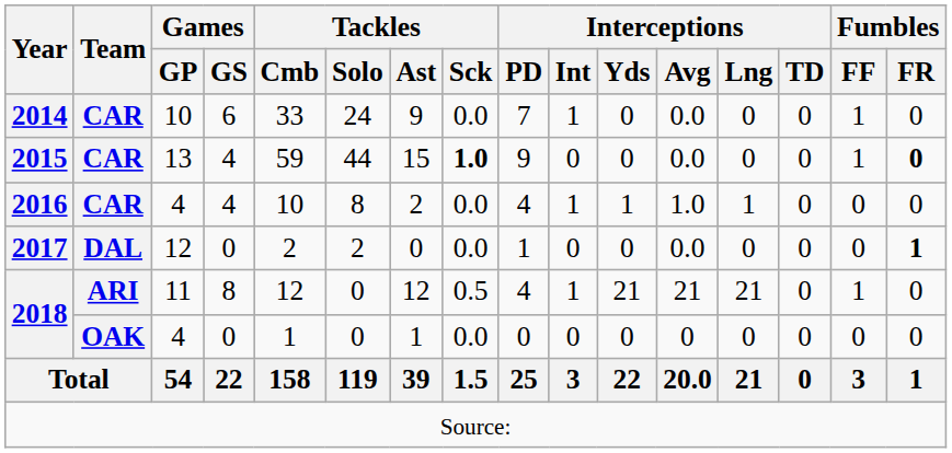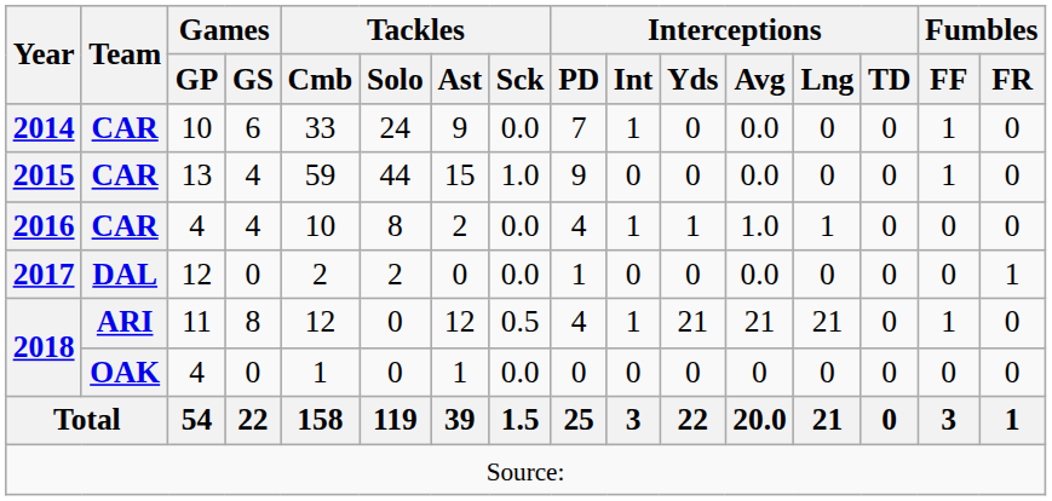 <table class="wikitable" style="text-align: center;">
 <tr>
 <th rowspan="2">Year</th>
 <th rowspan="2">Team</th>
 <th colspan="2">Games</th>
 <th colspan="4">Tackles</th>
 <th colspan="6">Interceptions</th>
 <th colspan="2">Fumbles</th>
 </tr>
 <tr>
 <th>GP</th>
 <th>GS</th>
 <th>Cmb</th>
 <th>Solo</th>
 <th>Ast</th>
 <th>Sck</th>
 <th>PD</th>
 <th>Int</th>
 <th>Yds</th>
 <th>Avg</th>
 <th>Lng</th>
 <th>TD</th>
 <th>FF</th>
 <th>FR</th>
 </tr>
 <tr>
 <th><a href='#'>2014</a></th>
 <th><a href='#'>CAR</a></th>
 <td>10</td>
 <td>6</td>
 <td>33</td>
 <td>24</td>
 <td>9</td>
 <td>0.0</td>
 <td>7</td>
 <td>1</td>
 <td>0</td>
 <td>0.0</td>
 <td>0</td>
 <td>0</td>
 <td>1</td>
 <td>0</td>
 </tr>
 <tr>
 <th><a href='#'>2015</a></th>
 <th><a href='#'>CAR</a></th>
 <td>13</td>
 <td>4</td>
 <td>59</td>
 <td>44</td>
 <td>15</td>
-<td><strong>1.0</strong></td>
+<td>1.0</td>
 <td>9</td>
 <td>0</td>
 <td>0</td>
 <td>0.0</td>
 <td>0</td>
 <td>0</td>
 <td>1</td>
-<td><strong>0</strong></td>
+<td>0</td>
 </tr>
 <tr>
 <th><a href='#'>2016</a></th>
 <th><a href='#'>CAR</a></th>
 <td>4</td>
 <td>4</td>
 <td>10</td>
 <td>8</td>
 <td>2</td>
 <td>0.0</td>
 <td>4</td>
 <td>1</td>
 <td>1</td>
 <td>1.0</td>
 <td>1</td>
 <td>0</td>
 <td>0</td>
 <td>0</td>
 </tr>
 <tr>
 <th><a href='#'>2017</a></th>
 <th><a href='#'>DAL</a></th>
 <td>12</td>
 <td>0</td>
 <td>2</td>
 <td>2</td>
 <td>0</td>
 <td>0.0</td>
 <td>1</td>
 <td>0</td>
 <td>0</td>
 <td>0.0</td>
 <td>0</td>
 <td>0</td>
 <td>0</td>
-<td><strong>1</strong></td>
+<td>1</td>
 </tr>
 <tr>
 <th rowspan="2"><a href='#'>2018</a></th>
 <th><a href='#'>ARI</a></th>
 <td>11</td>
 <td>8</td>
 <td>12</td>
 <td>0</td>
 <td>12</td>
 <td>0.5</td>
 <td>4</td>
 <td>1</td>
 <td>21</td>
 <td>21</td>
 <td>21</td>
 <td>0</td>
 <td>1</td>
 <td>0</td>
 </tr>
 <tr>
 <th><a href='#'>OAK</a></th>
 <td>4</td>
 <td>0</td>
 <td>1</td>
 <td>0</td>
 <td>1</td>
 <td>0.0</td>
 <td>0</td>
 <td>0</td>
 <td>0</td>
 <td>0</td>
 <td>0</td>
 <td>0</td>
 <td>0</td>
 <td>0</td>
 </tr>
 <tr>
 <th colspan="2">Total</th>
 <th>54</th>
 <th>22</th>
 <th>158</th>
 <th>119</th>
 <th>39</th>
 <th>1.5</th>
 <th>25</th>
 <th>3</th>
 <th>22</th>
 <th>20.0</th>
 <th>21</th>
 <th>0</th>
 <th>3</th>
 <th>1</th>
 </tr>
 <tr>
 <td colspan="17"><small>Source: </small></td>
 </tr>
 </table>
